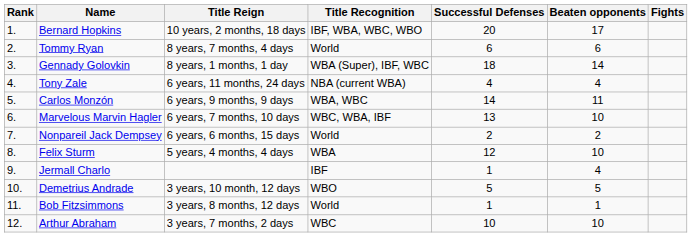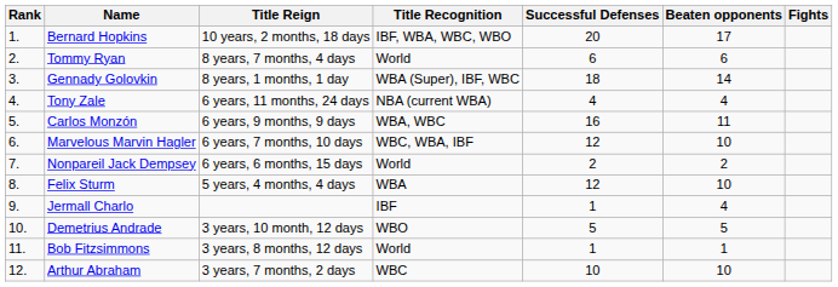 <table class="sortable wikitable">
 <tr>
 <th>Rank</th>
 <th>Name</th>
 <th>Title Reign</th>
 <th>Title Recognition</th>
 <th>Successful Defenses</th>
 <th>Beaten opponents</th>
 <th>Fights</th>
 </tr>
 <tr>
 <td>1.</td>
 <td><a href='#'>Bernard Hopkins</a></td>
 <td>10 years, 2 months, 18 days</td>
 <td>IBF, WBA, WBC, WBO</td>
 <td align="center">20</td>
 <td align="center">17</td>
 <td></td>
 </tr>
 <tr>
 <td>2.</td>
 <td><a href='#'>Tommy Ryan</a></td>
 <td>8 years, 7 months, 4 days</td>
 <td>World</td>
 <td align="center">6</td>
 <td align="center">6</td>
 <td></td>
 </tr>
 <tr>
 <td>3.</td>
 <td><a href='#'>Gennady Golovkin</a></td>
 <td>8 years, 1 months, 1 day</td>
 <td>WBA (Super), IBF, WBC</td>
 <td align="center">18</td>
 <td align="center">14</td>
 <td></td>
 </tr>
 <tr>
 <td>4.</td>
 <td><a href='#'>Tony Zale</a></td>
 <td>6 years, 11 months, 24 days</td>
 <td>NBA (current WBA)</td>
 <td align="center">4</td>
 <td align="center">4</td>
 <td></td>
 </tr>
 <tr>
 <td>5.</td>
 <td><a href='#'>Carlos Monzón</a></td>
 <td>6 years, 9 months, 9 days</td>
 <td>WBA, WBC</td>
-<td align="center">14</td>
+<td align="center">16</td>
 <td align="center">11</td>
 <td></td>
 </tr>
 <tr>
 <td>6.</td>
 <td><a href='#'>Marvelous Marvin Hagler</a></td>
 <td>6 years, 7 months, 10 days</td>
 <td>WBC, WBA, IBF</td>
-<td align="center">13</td>
+<td align="center">12</td>
 <td align="center">10</td>
 <td></td>
 </tr>
 <tr>
 <td>7.</td>
 <td><a href='#'>Nonpareil Jack Dempsey</a></td>
 <td>6 years, 6 months, 15 days</td>
 <td>World</td>
 <td align="center">2</td>
 <td align="center">2</td>
 <td></td>
 </tr>
 <tr>
 <td>8.</td>
 <td><a href='#'>Felix Sturm</a></td>
 <td>5 years, 4 months, 4 days</td>
 <td>WBA</td>
 <td align="center">12</td>
 <td align="center">10</td>
 <td></td>
 </tr>
 <tr>
 <td>9.</td>
 <td><a href='#'>Jermall Charlo</a></td>
 <td data-sort-value="data-sort-value="></td>
 <td>IBF</td>
 <td style="text-align:center;">1</td>
 <td style="text-align:center;">4</td>
 <td></td>
 </tr>
 <tr>
 <td>10.</td>
 <td><a href='#'>Demetrius Andrade</a></td>
 <td>3 years, 10 month, 12 days</td>
 <td>WBO</td>
 <td align="center">5</td>
 <td align="center">5</td>
 <td></td>
 </tr>
 <tr>
 <td>11.</td>
 <td><a href='#'>Bob Fitzsimmons</a></td>
 <td>3 years, 8 months, 12 days</td>
 <td>World</td>
 <td align="center">1</td>
 <td align="center">1</td>
 <td></td>
 </tr>
 <tr>
 <td>12.</td>
 <td><a href='#'>Arthur Abraham</a></td>
 <td>3 years, 7 months, 2 days</td>
 <td>WBC</td>
 <td align="center">10</td>
 <td align="center">10</td>
 <td></td>
 </tr>
 </table>
